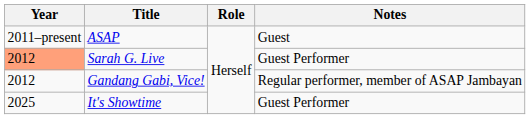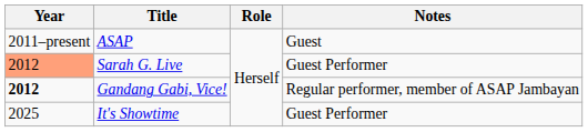 <table class="wikitable sortable">
 <tr>
 <th>Year</th>
 <th>Title</th>
 <th>Role</th>
 <th class="">Notes</th>
 </tr>
 <tr>
 <td>2011–present</td>
 <td><em><a href='#'>ASAP</a></em></td>
 <td rowspan="4">Herself</td>
 <td>Guest</td>
 </tr>
 <tr>
 <td style="background: lightsalmon;">2012</td>
 <td><em><a href='#'>Sarah G. Live</a></em></td>
 <td>Guest Performer</td>
 </tr>
 <tr>
-<td>2012</td>
+<td><strong>2012</strong></td>
 <td><em><a href='#'>Gandang Gabi, Vice!</a></em></td>
 <td>Regular performer, member of ASAP Jambayan</td>
 </tr>
 <tr>
 <td>2025</td>
 <td><em><a href='#'>It's Showtime</a></em></td>
 <td>Guest Performer</td>
 </tr>
 </table>
